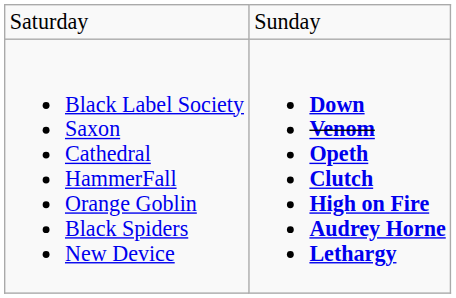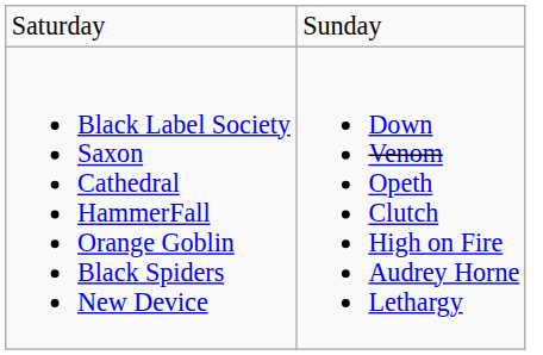 <table class="wikitable">
 <tr>
 <td>Saturday</td>
 <td>Sunday</td>
 </tr>
 <tr>
 <td><br><ul><li><a href='#'>Black Label Society</a></li><li><a href='#'>Saxon</a></li><li><a href='#'>Cathedral</a></li><li><a href='#'>HammerFall</a></li><li><a href='#'>Orange Goblin</a></li><li><a href='#'>Black Spiders</a></li><li><a href='#'>New Device</a></li></ul></td>
-<td><strong><br><ul><li><a href='#'>Down</a></li><li><s><a href='#'>Venom</a></s></li><li><a href='#'>Opeth</a></li><li><a href='#'>Clutch</a></li><li><a href='#'>High on Fire</a></li><li><a href='#'>Audrey Horne</a></li><li><a href='#'>Lethargy</a></li></ul></strong></td>
+<td><br><ul><li><a href='#'>Down</a></li><li><s><a href='#'>Venom</a></s></li><li><a href='#'>Opeth</a></li><li><a href='#'>Clutch</a></li><li><a href='#'>High on Fire</a></li><li><a href='#'>Audrey Horne</a></li><li><a href='#'>Lethargy</a></li></ul></td>
 </tr>
 </table>
